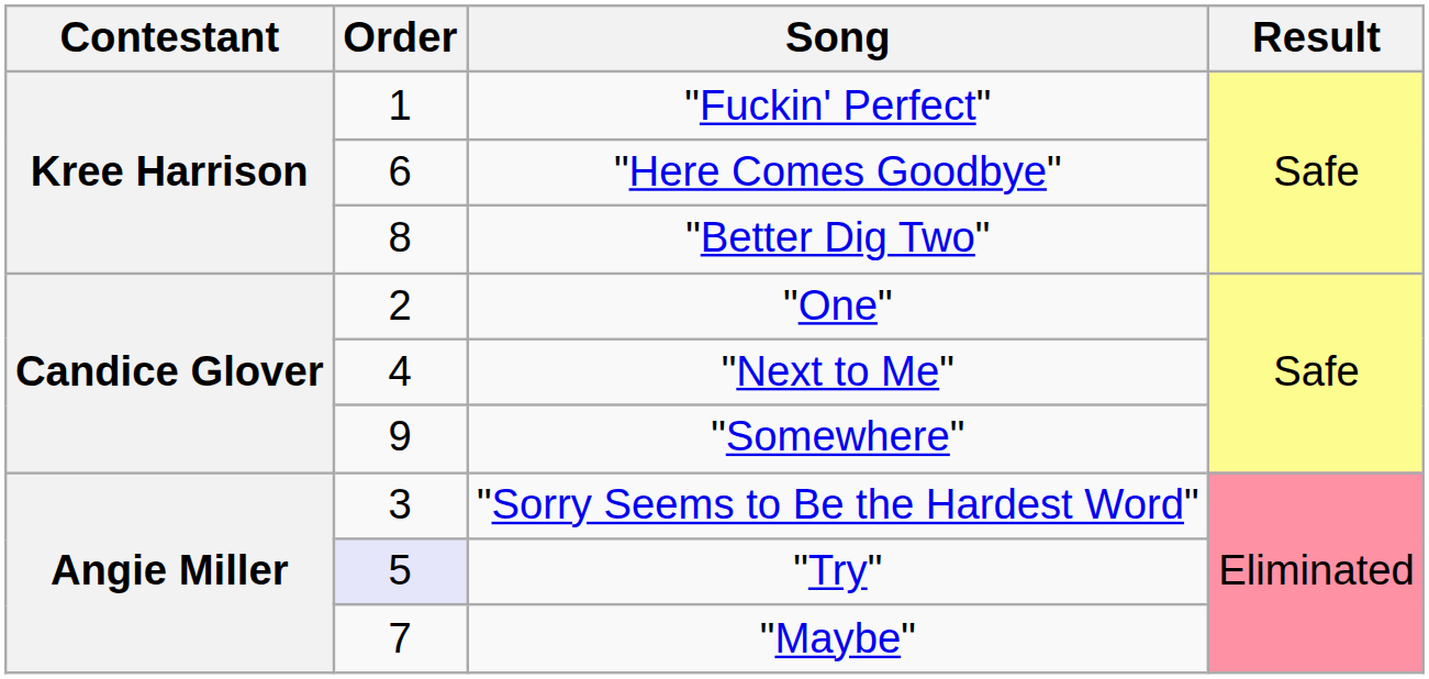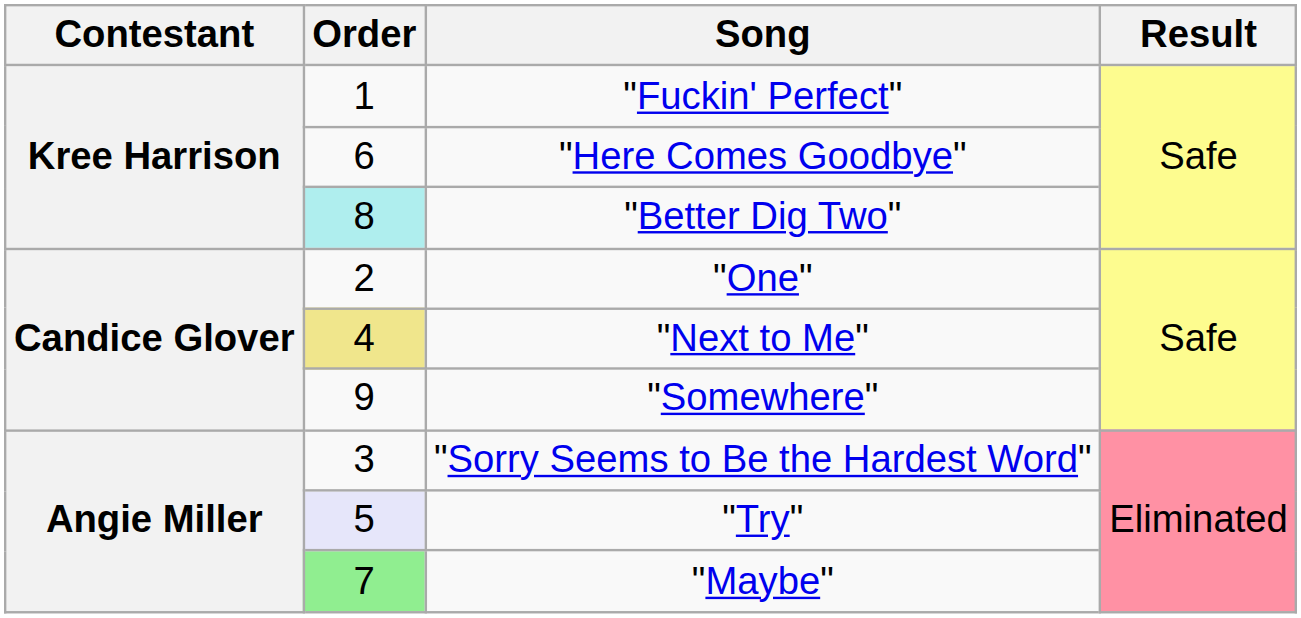 <table class="wikitable unsortable" style="text-align:center;">
 <tr>
 <th scope="col">Contestant</th>
 <th scope="col">Order</th>
 <th scope="col">Song</th>
 <th scope="col">Result</th>
 </tr>
 <tr>
 <th scope="row" rowspan="3">Kree Harrison</th>
 <td>1</td>
 <td>"<a href='#'>Fuckin' Perfect</a>"</td>
 <td rowspan="3" bgcolor="FDFC8F">Safe</td>
 </tr>
 <tr>
 <td>6</td>
 <td>"<a href='#'>Here Comes Goodbye</a>"</td>
 </tr>
 <tr>
-<td>8</td>
+<td style="background: paleturquoise;">8</td>
 <td>"<a href='#'>Better Dig Two</a>"</td>
 </tr>
 <tr>
 <th scope="row" rowspan="3">Candice Glover</th>
 <td>2</td>
 <td>"<a href='#'>One</a>"</td>
 <td rowspan="3" bgcolor="FDFC8F">Safe</td>
 </tr>
 <tr>
-<td>4</td>
+<td style="background: khaki;">4</td>
 <td>"<a href='#'>Next to Me</a>"</td>
 </tr>
 <tr>
 <td>9</td>
 <td>"<a href='#'>Somewhere</a>"</td>
 </tr>
 <tr>
 <th scope="row" rowspan="3">Angie Miller</th>
 <td>3</td>
 <td>"<a href='#'>Sorry Seems to Be the Hardest Word</a>"</td>
 <td rowspan="3" bgcolor="FF91A4">Eliminated</td>
 </tr>
 <tr>
 <td style="background: lavender;">5</td>
 <td>"<a href='#'>Try</a>"</td>
 </tr>
 <tr>
-<td>7</td>
+<td style="background: lightgreen;">7</td>
 <td>"<a href='#'>Maybe</a>"</td>
 </tr>
 </table>
